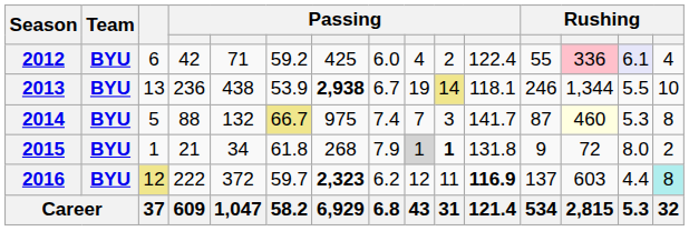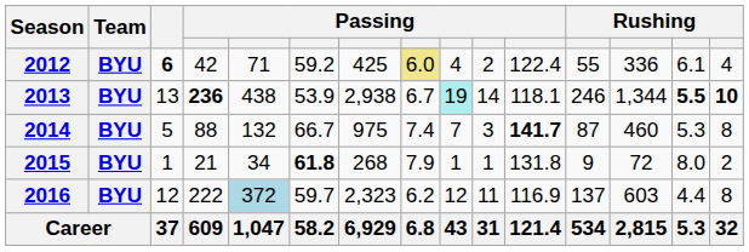 <table class="wikitable" style="text-align:center;">
 <tr>
 <th rowspan="2">Season</th>
 <th rowspan="2">Team</th>
 <th rowspan="2"></th>
 <th colspan="8">Passing</th>
 <th colspan="4">Rushing</th>
 </tr>
 <tr>
 <th></th>
 <th></th>
 <th></th>
 <th></th>
 <th></th>
 <th></th>
 <th></th>
 <th></th>
 <th></th>
 <th></th>
 <th></th>
 <th></th>
 </tr>
 <tr>
 <th><a href='#'>2012</a></th>
 <th><a href='#'>BYU</a></th>
-<td>6</td>
+<td><strong>6</strong></td>
 <td>42</td>
 <td>71</td>
 <td>59.2</td>
 <td>425</td>
-<td>6.0</td>
+<td style="background: khaki;">6.0</td>
 <td>4</td>
 <td>2</td>
 <td>122.4</td>
 <td>55</td>
-<td style="background: pink;">336</td>
-<td style="background: lavender;">6.1</td>
+<td>336</td>
+<td>6.1</td>
 <td>4</td>
 </tr>
 <tr>
 <th><a href='#'>2013</a></th>
 <th><a href='#'>BYU</a></th>
 <td>13</td>
-<td>236</td>
+<td><strong>236</strong></td>
 <td>438</td>
 <td>53.9</td>
-<td><strong>2,938</strong></td>
+<td>2,938</td>
 <td>6.7</td>
-<td>19</td>
-<td style="background: khaki;">14</td>
+<td style="background: paleturquoise;">19</td>
+<td>14</td>
 <td>118.1</td>
 <td>246</td>
 <td>1,344</td>
-<td>5.5</td>
-<td>10</td>
+<td><strong>5.5</strong></td>
+<td><strong>10</strong></td>
 </tr>
 <tr>
 <th><a href='#'>2014</a></th>
 <th><a href='#'>BYU</a></th>
 <td>5</td>
 <td>88</td>
 <td>132</td>
-<td style="background: khaki;">66.7</td>
+<td>66.7</td>
 <td>975</td>
 <td>7.4</td>
 <td>7</td>
 <td>3</td>
-<td>141.7</td>
+<td><strong>141.7</strong></td>
 <td>87</td>
-<td style="background: lightyellow;">460</td>
+<td>460</td>
 <td>5.3</td>
 <td>8</td>
 </tr>
 <tr>
 <th><a href='#'>2015</a></th>
 <th><a href='#'>BYU</a></th>
 <td>1</td>
 <td>21</td>
 <td>34</td>
-<td>61.8</td>
+<td><strong>61.8</strong></td>
 <td>268</td>
 <td>7.9</td>
-<td style="background: lightgrey;">1</td>
-<td><strong>1</strong></td>
+<td>1</td>
+<td>1</td>
 <td>131.8</td>
 <td>9</td>
 <td>72</td>
 <td>8.0</td>
 <td>2</td>
 </tr>
 <tr>
 <th><a href='#'>2016</a></th>
 <th><a href='#'>BYU</a></th>
-<td style="background: khaki;">12</td>
+<td>12</td>
 <td>222</td>
-<td>372</td>
+<td style="background: lightblue;">372</td>
 <td>59.7</td>
-<td><strong>2,323</strong></td>
+<td>2,323</td>
 <td>6.2</td>
 <td>12</td>
 <td>11</td>
-<td><strong>116.9</strong></td>
+<td>116.9</td>
 <td>137</td>
 <td>603</td>
 <td>4.4</td>
-<td style="background: paleturquoise;">8</td>
+<td>8</td>
 </tr>
 <tr>
 <th colspan="2">Career</th>
 <th>37</th>
 <th>609</th>
 <th>1,047</th>
 <th>58.2</th>
 <th>6,929</th>
 <th>6.8</th>
 <th>43</th>
 <th>31</th>
 <th>121.4</th>
 <th>534</th>
 <th>2,815</th>
 <th>5.3</th>
 <th>32</th>
 </tr>
 </table>
